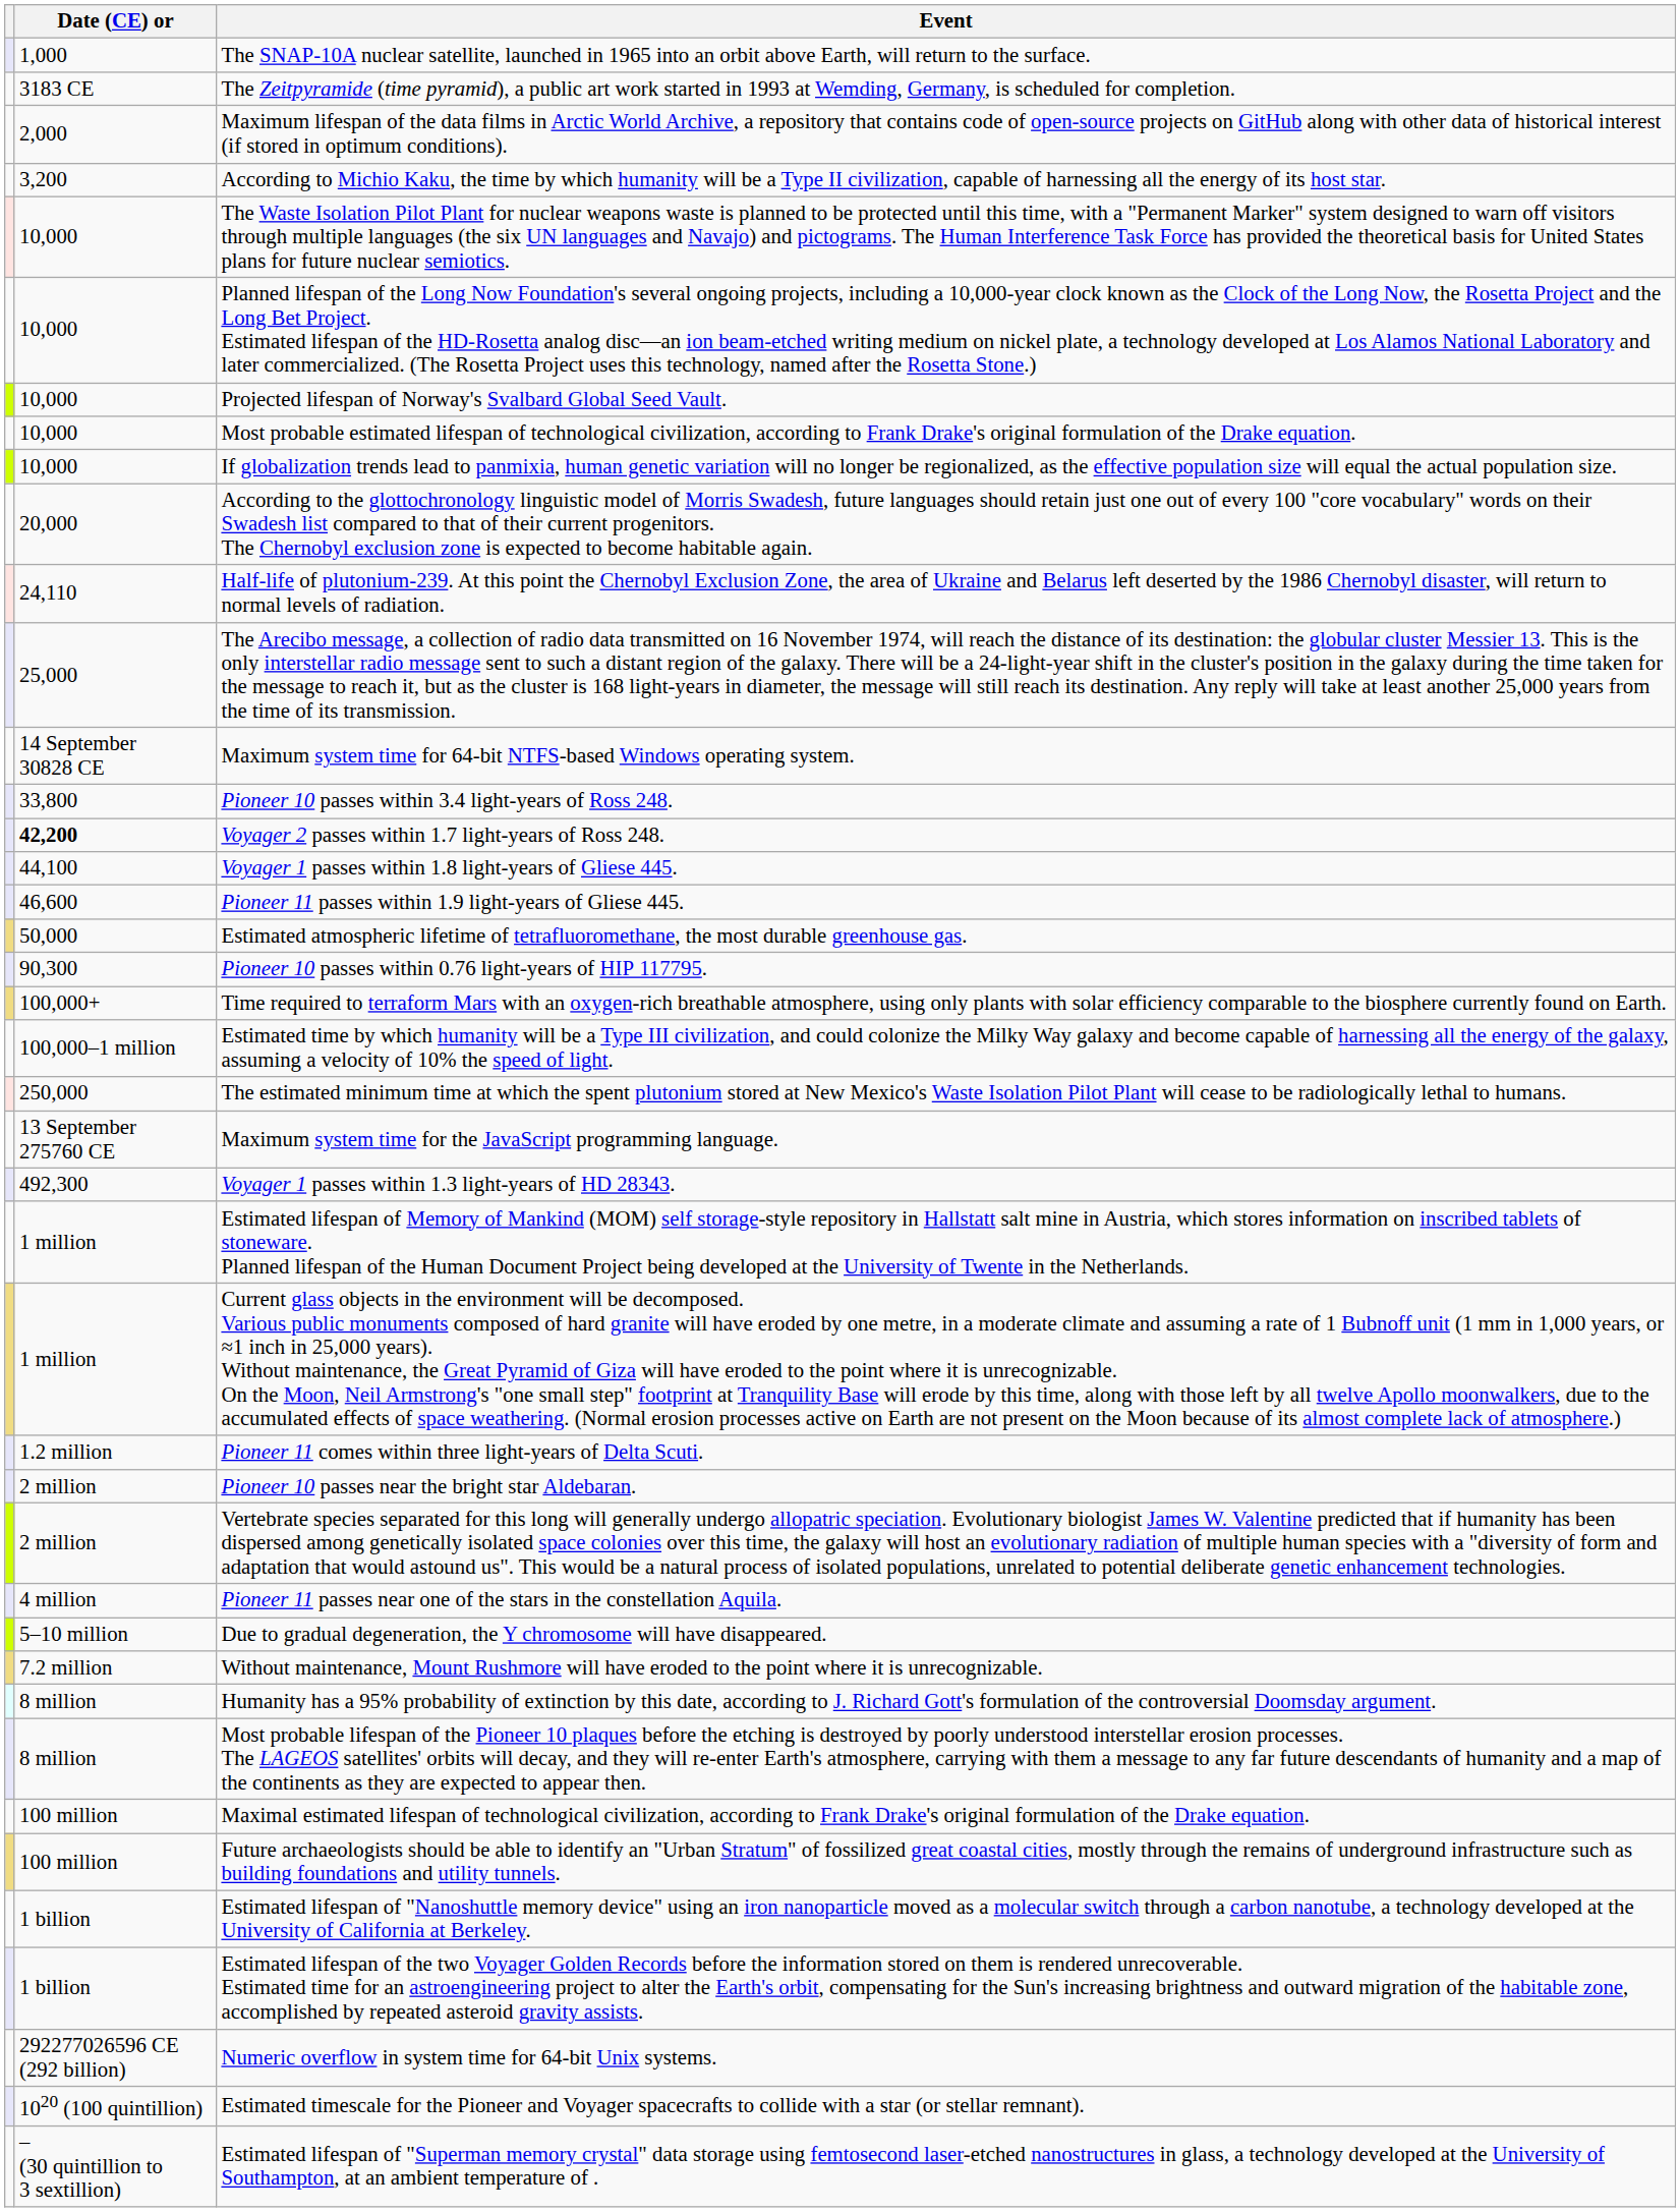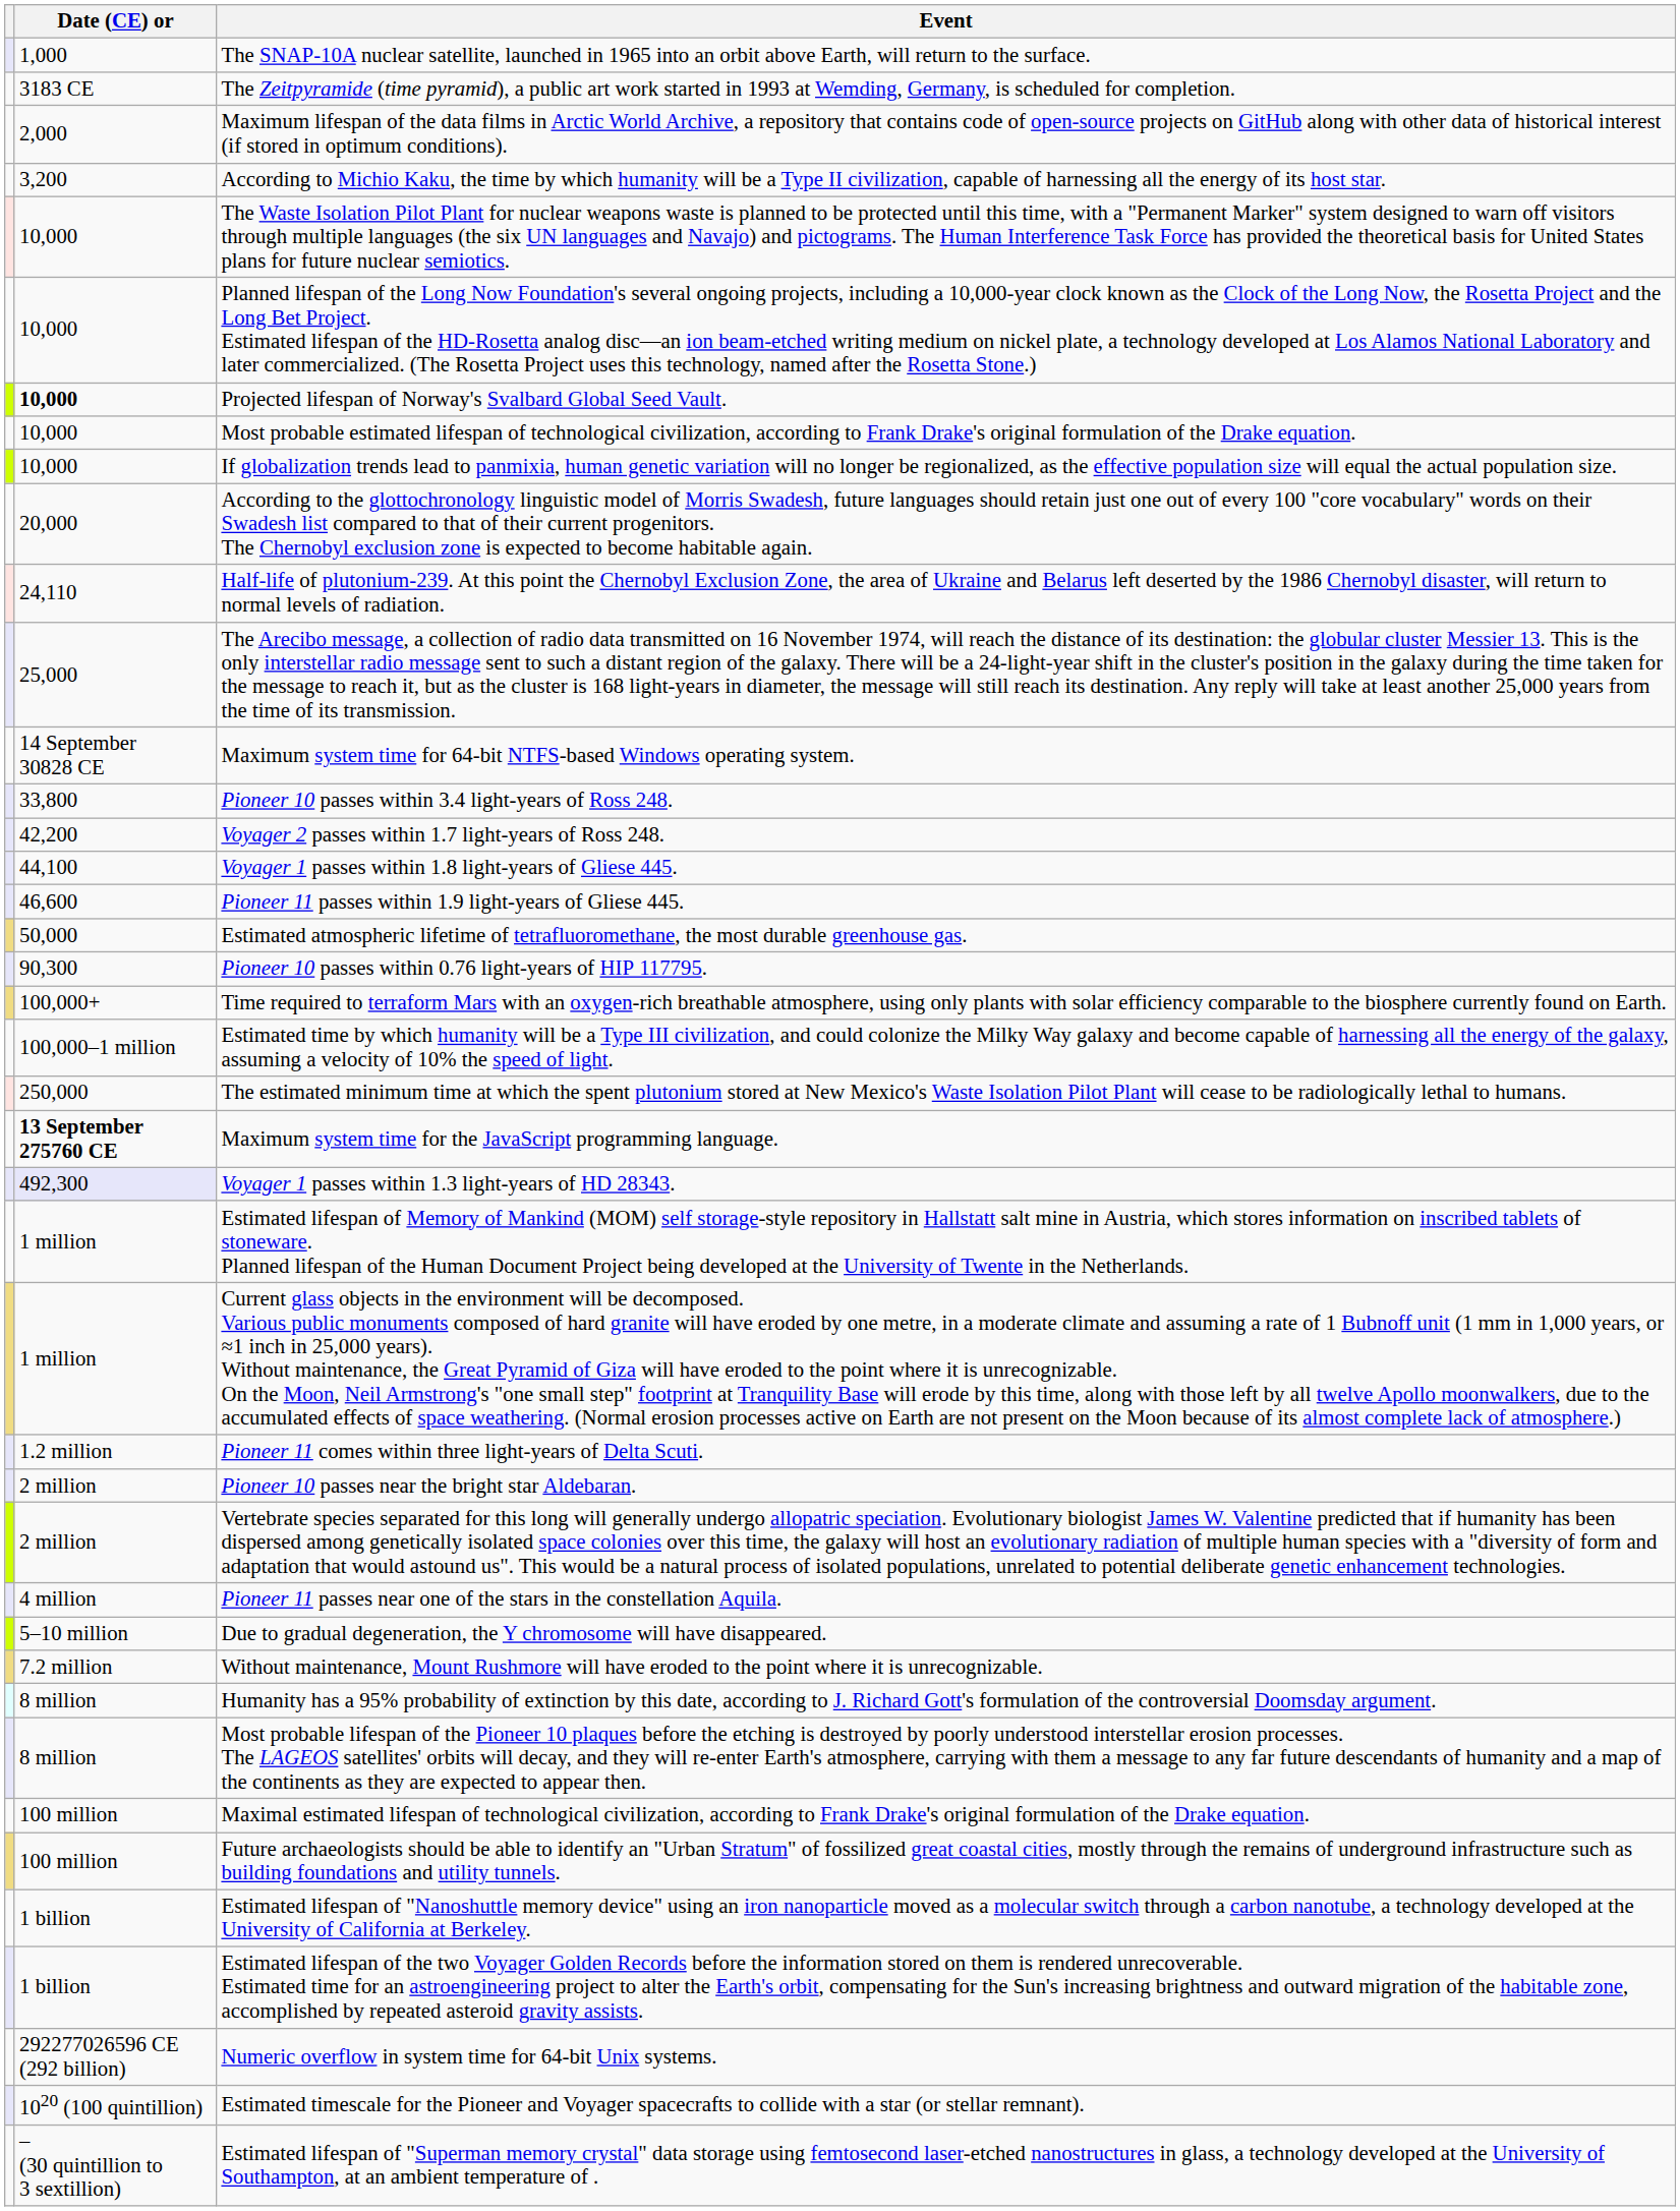 <table class="wikitable" style="width: 100%; margin-right: 0;">
 <tr>
 <th scope="col"></th>
 <th scope="col">Date (<a href='#'>CE</a>) or </th>
 <th scope="col">Event</th>
 </tr>
 <tr>
 <td style="background: lavender;"></td>
 <td>1,000</td>
 <td>The <a href='#'>SNAP-10A</a> nuclear satellite, launched in 1965 into an orbit  above Earth, will return to the surface.</td>
 </tr>
 <tr>
 <td></td>
 <td>3183 CE</td>
 <td>The <em><a href='#'>Zeitpyramide</a></em> (<em>time pyramid</em>), a public art work started in 1993 at <a href='#'>Wemding</a>, <a href='#'>Germany</a>, is scheduled for completion.</td>
 </tr>
 <tr>
 <td></td>
 <td>2,000</td>
 <td>Maximum lifespan of the data films in <a href='#'>Arctic World Archive</a>, a repository that contains code of <a href='#'>open-source</a> projects on <a href='#'>GitHub</a> along with other data of historical interest (if stored in optimum conditions).</td>
 </tr>
 <tr>
 <td></td>
 <td>3,200</td>
 <td>According to <a href='#'>Michio Kaku</a>, the time by which <a href='#'>humanity</a> will be a <a href='#'>Type II civilization</a>, capable of harnessing all the energy of its <a href='#'>host star</a>.</td>
 </tr>
 <tr>
 <td style="background: #FFE4E1;"></td>
 <td>10,000</td>
 <td>The <a href='#'>Waste Isolation Pilot Plant</a> for nuclear weapons waste is planned to be protected until this time, with a "Permanent Marker" system designed to warn off visitors through multiple languages (the six <a href='#'>UN languages</a> and <a href='#'>Navajo</a>) and <a href='#'>pictograms</a>. The <a href='#'>Human Interference Task Force</a> has provided the theoretical basis for United States plans for future nuclear <a href='#'>semiotics</a>.</td>
 </tr>
 <tr>
 <td></td>
 <td>10,000</td>
 <td>Planned lifespan of the <a href='#'>Long Now Foundation</a>'s several ongoing projects, including a 10,000-year clock known as the <a href='#'>Clock of the Long Now</a>, the <a href='#'>Rosetta Project</a> and the <a href='#'>Long Bet Project</a>.<br>Estimated lifespan of the <a href='#'>HD-Rosetta</a> analog disc—an <a href='#'>ion beam-etched</a> writing medium on nickel plate, a technology developed at <a href='#'>Los Alamos National Laboratory</a> and later commercialized. (The Rosetta Project uses this technology, named after the <a href='#'>Rosetta Stone</a>.)</td>
 </tr>
 <tr>
 <td style="background: #CEFF00;"></td>
-<td>10,000</td>
+<td><strong>10,000</strong></td>
 <td>Projected lifespan of Norway's <a href='#'>Svalbard Global Seed Vault</a>.</td>
 </tr>
 <tr>
 <td></td>
 <td>10,000</td>
 <td>Most probable estimated lifespan of technological civilization, according to <a href='#'>Frank Drake</a>'s original formulation of the <a href='#'>Drake equation</a>.</td>
 </tr>
 <tr>
 <td style="background: #CEFF00;"></td>
 <td>10,000</td>
 <td>If <a href='#'>globalization</a> trends lead to <a href='#'>panmixia</a>, <a href='#'>human genetic variation</a> will no longer be regionalized, as the <a href='#'>effective population size</a> will equal the actual population size.</td>
 </tr>
 <tr>
 <td></td>
 <td>20,000</td>
 <td>According to the <a href='#'>glottochronology</a> linguistic model of <a href='#'>Morris Swadesh</a>, future languages should retain just one out of every 100 "core vocabulary" words on their <a href='#'>Swadesh list</a> compared to that of their current progenitors.<br>The <a href='#'>Chernobyl exclusion zone</a> is expected to become habitable again.</td>
 </tr>
 <tr>
 <td style="background: #FFE4E1;"></td>
 <td>24,110</td>
 <td><a href='#'>Half-life</a> of <a href='#'>plutonium-239</a>. At this point the <a href='#'>Chernobyl Exclusion Zone</a>, the  area of <a href='#'>Ukraine</a> and <a href='#'>Belarus</a> left deserted by the 1986 <a href='#'>Chernobyl disaster</a>, will return to normal levels of radiation.</td>
 </tr>
 <tr>
 <td style="background: lavender;"></td>
 <td>25,000</td>
 <td>The <a href='#'>Arecibo message</a>, a collection of radio data transmitted on 16 November 1974, will reach the distance of its destination: the <a href='#'>globular cluster</a> <a href='#'>Messier&nbsp;13</a>. This is the only <a href='#'>interstellar radio message</a> sent to such a distant region of the galaxy. There will be a 24-light-year shift in the cluster's position in the galaxy during the time taken for the message to reach it, but as the cluster is 168 light-years in diameter, the message will still reach its destination. Any reply will take at least another 25,000 years from the time of its transmission.</td>
 </tr>
 <tr>
 <td></td>
 <td>14 September 30828 CE</td>
 <td>Maximum <a href='#'>system time</a> for 64-bit <a href='#'>NTFS</a>-based <a href='#'>Windows</a> operating system.</td>
 </tr>
 <tr>
 <td style="background: lavender;"></td>
 <td>33,800</td>
 <td><em><a href='#'>Pioneer 10</a></em> passes within 3.4 light-years of <a href='#'>Ross&nbsp;248</a>.</td>
 </tr>
 <tr>
 <td style="background: lavender;"></td>
-<td><strong>42,200</strong></td>
+<td>42,200</td>
 <td><em><a href='#'>Voyager 2</a></em> passes within 1.7 light-years of Ross 248.</td>
 </tr>
 <tr>
 <td style="background: lavender;"></td>
 <td>44,100</td>
 <td><em><a href='#'>Voyager 1</a></em> passes within 1.8 light-years of <a href='#'>Gliese&nbsp;445</a>.</td>
 </tr>
 <tr>
 <td style="background: lavender;"></td>
 <td>46,600</td>
 <td><em><a href='#'>Pioneer 11</a></em> passes within 1.9 light-years of Gliese 445.</td>
 </tr>
 <tr>
 <td style="background: #f0dc82;"></td>
 <td>50,000</td>
 <td>Estimated atmospheric lifetime of <a href='#'>tetrafluoromethane</a>, the most durable <a href='#'>greenhouse gas</a>.</td>
 </tr>
 <tr>
 <td style="background: lavender;"></td>
 <td>90,300</td>
 <td><em><a href='#'>Pioneer 10</a></em> passes within 0.76 light-years of <a href='#'>HIP&nbsp;117795</a>.</td>
 </tr>
 <tr>
 <td style="background: #f0dc82;"></td>
 <td>100,000+</td>
 <td>Time required to <a href='#'>terraform Mars</a> with an <a href='#'>oxygen</a>-rich breathable atmosphere, using only plants with solar efficiency comparable to the biosphere currently found on Earth.</td>
 </tr>
 <tr>
 <td></td>
 <td>100,000–1 million</td>
 <td>Estimated time by which <a href='#'>humanity</a> will be a <a href='#'>Type III civilization</a>, and could colonize the Milky Way galaxy and become capable of <a href='#'>harnessing all the energy of the galaxy</a>, assuming a velocity of 10% the <a href='#'>speed of light</a>.</td>
 </tr>
 <tr>
 <td style="background: #FFE4E1;"></td>
 <td>250,000</td>
 <td>The estimated minimum time at which the spent <a href='#'>plutonium</a> stored at New Mexico's <a href='#'>Waste Isolation Pilot Plant</a> will cease to be radiologically lethal to humans.</td>
 </tr>
 <tr>
 <td></td>
-<td>13 September 275760 CE</td>
+<td><strong>13 September 275760 CE</strong></td>
 <td>Maximum <a href='#'>system time</a> for the <a href='#'>JavaScript</a> programming language.</td>
 </tr>
 <tr>
 <td style="background: lavender;"></td>
-<td>492,300</td>
+<td style="background: lavender;">492,300</td>
 <td><em><a href='#'>Voyager 1</a></em> passes within 1.3 light-years of <a href='#'>HD&nbsp;28343</a>.</td>
 </tr>
 <tr>
 <td></td>
 <td>1 million</td>
 <td>Estimated lifespan of <a href='#'>Memory of Mankind</a> (MOM) <a href='#'>self storage</a>-style repository in <a href='#'>Hallstatt</a> salt mine in Austria, which stores information on <a href='#'>inscribed tablets</a> of <a href='#'>stoneware</a>.<br>Planned lifespan of the Human Document Project being developed at the <a href='#'>University of Twente</a> in the Netherlands.</td>
 </tr>
 <tr>
 <td style="background: #f0dc82;"></td>
 <td>1 million</td>
 <td>Current <a href='#'>glass</a> objects in the environment will be decomposed.<br><a href='#'>Various public monuments</a> composed of hard <a href='#'>granite</a> will have eroded by one metre, in a moderate climate and assuming a rate of 1 <a href='#'>Bubnoff unit</a> (1 mm in 1,000 years, or ≈1 inch in 25,000 years).<br>Without maintenance, the <a href='#'>Great Pyramid of Giza</a> will have eroded to the point where it is unrecognizable.<br>On the <a href='#'>Moon</a>, <a href='#'>Neil Armstrong</a>'s "one small step" <a href='#'>footprint</a> at <a href='#'>Tranquility Base</a> will erode by this time, along with those left by all <a href='#'>twelve Apollo moonwalkers</a>, due to the accumulated effects of <a href='#'>space weathering</a>. (Normal erosion processes active on Earth are not present on the Moon because of its <a href='#'>almost complete lack of atmosphere</a>.)</td>
 </tr>
 <tr>
 <td style="background: lavender;"></td>
 <td>1.2 million</td>
 <td><em><a href='#'>Pioneer 11</a></em> comes within three light-years of <a href='#'>Delta Scuti</a>.</td>
 </tr>
 <tr>
 <td style="background: lavender;"></td>
 <td>2 million</td>
 <td><em><a href='#'>Pioneer 10</a></em> passes near the bright star <a href='#'>Aldebaran</a>.</td>
 </tr>
 <tr>
 <td style="background: #CEFF00;"></td>
 <td>2 million</td>
 <td>Vertebrate species separated for this long will generally undergo <a href='#'>allopatric speciation</a>. Evolutionary biologist <a href='#'>James W. Valentine</a> predicted that if humanity has been dispersed among genetically isolated <a href='#'>space colonies</a> over this time, the galaxy will host an <a href='#'>evolutionary radiation</a> of multiple human species with a "diversity of form and adaptation that would astound us". This would be a natural process of isolated populations, unrelated to potential deliberate <a href='#'>genetic enhancement</a> technologies.</td>
 </tr>
 <tr>
 <td style="background: lavender;"></td>
 <td>4 million</td>
 <td><em><a href='#'>Pioneer 11</a></em> passes near one of the stars in the constellation <a href='#'>Aquila</a>.</td>
 </tr>
 <tr>
 <td style="background: #CEFF00;"></td>
 <td>5–10 million</td>
 <td>Due to gradual degeneration, the <a href='#'>Y chromosome</a> will have disappeared.</td>
 </tr>
 <tr>
 <td style="background: #f0dc82;"></td>
 <td>7.2 million</td>
 <td>Without maintenance, <a href='#'>Mount Rushmore</a> will have eroded to the point where it is unrecognizable.</td>
 </tr>
 <tr>
 <td style="background: #e0ffff;"></td>
 <td>8 million</td>
 <td>Humanity has a 95% probability of extinction by this date, according to <a href='#'>J. Richard Gott</a>'s formulation of the controversial <a href='#'>Doomsday argument</a>.</td>
 </tr>
 <tr>
 <td style="background: lavender;"></td>
 <td>8 million</td>
 <td>Most probable lifespan of the <a href='#'>Pioneer 10 plaques</a> before the etching is destroyed by poorly understood interstellar erosion processes.<br>The <em><a href='#'>LAGEOS</a></em> satellites' orbits will decay, and they will re-enter Earth's atmosphere, carrying with them a message to any far future descendants of humanity and a map of the continents as they are expected to appear then.</td>
 </tr>
 <tr>
 <td></td>
 <td>100 million</td>
 <td>Maximal estimated lifespan of technological civilization, according to <a href='#'>Frank Drake</a>'s original formulation of the <a href='#'>Drake equation</a>.</td>
 </tr>
 <tr>
 <td style="background: #f0dc82;"></td>
 <td>100 million</td>
 <td>Future archaeologists should be able to identify an "Urban <a href='#'>Stratum</a>" of fossilized <a href='#'>great coastal cities</a>, mostly through the remains of underground infrastructure such as <a href='#'>building foundations</a> and <a href='#'>utility tunnels</a>.</td>
 </tr>
 <tr>
 <td></td>
 <td>1 billion</td>
 <td>Estimated lifespan of "<a href='#'>Nanoshuttle</a> memory device" using an <a href='#'>iron nanoparticle</a> moved as a <a href='#'>molecular switch</a> through a <a href='#'>carbon nanotube</a>, a technology developed at the <a href='#'>University of California at Berkeley</a>.</td>
 </tr>
 <tr>
 <td style="background: lavender;"></td>
 <td>1 billion</td>
 <td>Estimated lifespan of the two <a href='#'>Voyager Golden Records</a> before the information stored on them is rendered unrecoverable.<br>Estimated time for an <a href='#'>astroengineering</a> project to alter the <a href='#'>Earth's orbit</a>, compensating for the Sun's increasing brightness and outward migration of the <a href='#'>habitable zone</a>, accomplished by repeated asteroid <a href='#'>gravity assists</a>.</td>
 </tr>
 <tr>
 <td></td>
 <td>292277026596 CE (292 billion)</td>
 <td><a href='#'>Numeric overflow</a> in system time for 64-bit <a href='#'>Unix</a> systems.</td>
 </tr>
 <tr>
 <td style="background: lavender;"></td>
 <td>10<sup>20</sup> (100 quintillion)</td>
 <td>Estimated timescale for the Pioneer and Voyager spacecrafts to collide with a star (or stellar remnant).</td>
 </tr>
 <tr>
 <td></td>
 <td> – <br>(30 quintillion to 3 sextillion)</td>
 <td>Estimated lifespan of "<a href='#'>Superman memory crystal</a>" data storage using <a href='#'>femtosecond laser</a>-etched <a href='#'>nanostructures</a> in glass, a technology developed at the <a href='#'>University of Southampton</a>, at an ambient temperature of .</td>
 </tr>
 </table>
